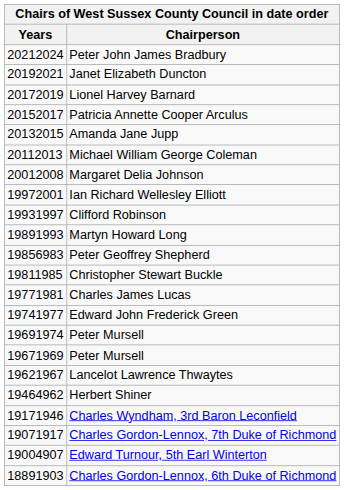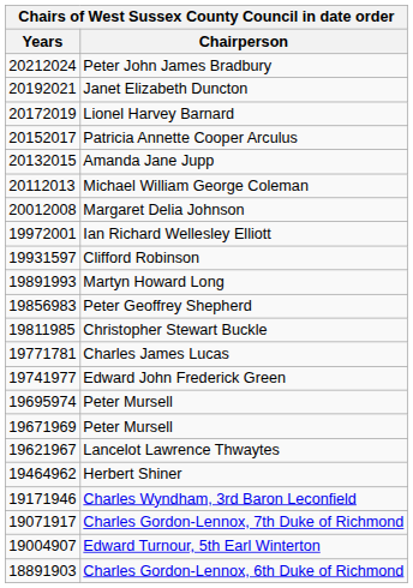 <table class="wikitable">
 <tr>
 <th colspan="2">Chairs of West Sussex County Council in date order</th>
 </tr>
 <tr>
 <th>Years</th>
 <th>Chairperson</th>
 </tr>
 <tr>
 <td>20212024</td>
 <td>Peter John James Bradbury</td>
 </tr>
 <tr>
 <td>20192021</td>
 <td>Janet Elizabeth Duncton</td>
 </tr>
 <tr>
 <td>20172019</td>
 <td>Lionel Harvey Barnard</td>
 </tr>
 <tr>
 <td>20152017</td>
 <td>Patricia Annette Cooper Arculus</td>
 </tr>
 <tr>
 <td>20132015</td>
 <td>Amanda Jane Jupp</td>
 </tr>
 <tr>
 <td>20112013</td>
 <td>Michael William George Coleman</td>
 </tr>
 <tr>
 <td>20012008</td>
 <td>Margaret Delia Johnson</td>
 </tr>
 <tr>
 <td>19972001</td>
 <td>Ian Richard Wellesley Elliott</td>
 </tr>
 <tr>
-<td>19931997</td>
+<td>19931597</td>
 <td>Clifford Robinson</td>
 </tr>
 <tr>
 <td>19891993</td>
 <td>Martyn Howard Long</td>
 </tr>
 <tr>
 <td>19856983</td>
 <td>Peter Geoffrey Shepherd</td>
 </tr>
 <tr>
 <td>19811985</td>
 <td>Christopher Stewart Buckle</td>
 </tr>
 <tr>
-<td>19771981</td>
+<td>19771781</td>
 <td>Charles James Lucas</td>
 </tr>
 <tr>
 <td>19741977</td>
 <td>Edward John Frederick Green</td>
 </tr>
 <tr>
-<td>19691974</td>
+<td>19695974</td>
 <td>Peter Mursell</td>
 </tr>
 <tr>
 <td>19671969</td>
 <td>Peter Mursell</td>
 </tr>
 <tr>
 <td>19621967</td>
 <td>Lancelot Lawrence Thwaytes</td>
 </tr>
 <tr>
 <td>19464962</td>
 <td>Herbert Shiner</td>
 </tr>
 <tr>
 <td>19171946</td>
 <td><a href='#'>Charles Wyndham, 3rd Baron Leconfield</a></td>
 </tr>
 <tr>
 <td>19071917</td>
 <td><a href='#'>Charles Gordon-Lennox, 7th Duke of Richmond</a></td>
 </tr>
 <tr>
 <td>19004907</td>
 <td><a href='#'>Edward Turnour, 5th Earl Winterton</a></td>
 </tr>
 <tr>
 <td>18891903</td>
 <td><a href='#'>Charles Gordon-Lennox, 6th Duke of Richmond</a></td>
 </tr>
 </table>
